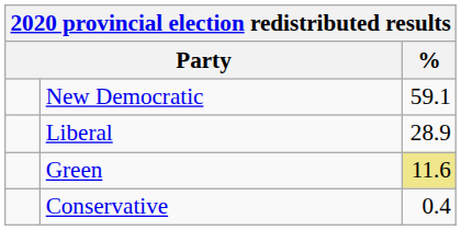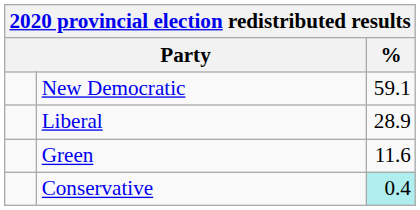 <table class="wikitable">
 <tr>
 <th colspan="4"><a href='#'>2020 provincial election</a> redistributed results</th>
 </tr>
 <tr>
 <th bgcolor="#DDDDFF" width="130px" colspan="2">Party</th>
 <th bgcolor="#DDDDFF" width="30px">%</th>
 </tr>
 <tr>
 <td> </td>
 <td><a href='#'>New Democratic</a></td>
 <td align=right>59.1</td>
 </tr>
 <tr>
 <td> </td>
 <td><a href='#'>Liberal</a></td>
 <td align=right>28.9</td>
 </tr>
 <tr>
 <td> </td>
 <td><a href='#'>Green</a></td>
-<td align=right style="background: khaki;">11.6</td>
+<td align=right>11.6</td>
 </tr>
 <tr>
 <td> </td>
 <td><a href='#'>Conservative</a></td>
-<td align=right>0.4</td>
+<td align=right style="background: paleturquoise;">0.4</td>
 </tr>
 </table>
